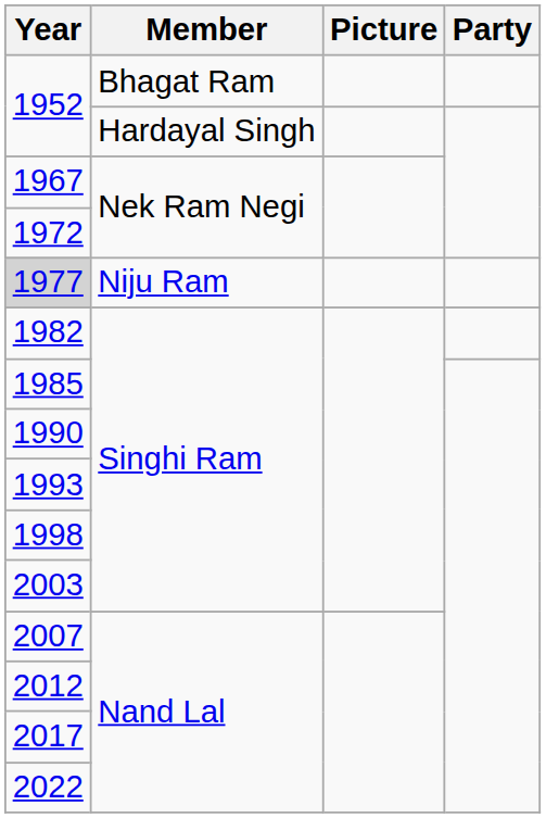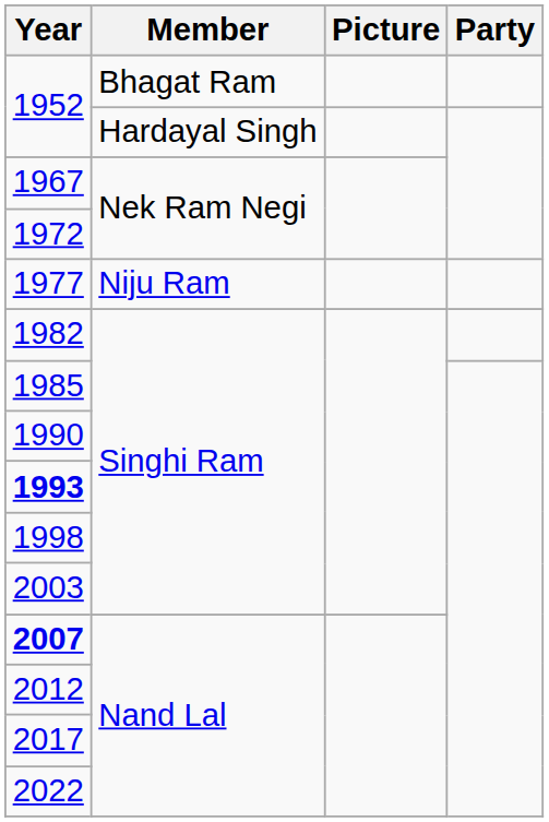 <table class="wikitable sortable">
 <tr>
 <th>Year</th>
 <th>Member</th>
 <th>Picture</th>
 <th colspan="2">Party</th>
 </tr>
 <tr>
 <td rowspan=2><a href='#'>1952</a></td>
 <td>Bhagat Ram</td>
 <td></td>
 <td></td>
 </tr>
 <tr>
 <td>Hardayal Singh</td>
 <td></td>
 </tr>
 <tr>
 <td><a href='#'>1967</a></td>
 <td rowspan=2>Nek Ram Negi</td>
 <td rowspan=2></td>
 </tr>
 <tr>
 <td><a href='#'>1972</a></td>
 </tr>
 <tr>
-<td style="background: lightgrey;"><a href='#'>1977</a></td>
+<td><a href='#'>1977</a></td>
 <td><a href='#'>Niju Ram</a></td>
 <td></td>
 <td></td>
 </tr>
 <tr>
 <td><a href='#'>1982</a></td>
 <td rowspan=6><a href='#'>Singhi Ram</a></td>
 <td rowspan=6></td>
 <td></td>
 </tr>
 <tr>
 <td><a href='#'>1985</a></td>
 </tr>
 <tr>
 <td><a href='#'>1990</a></td>
 </tr>
 <tr>
-<td><a href='#'>1993</a></td>
+<td><strong><a href='#'>1993</a></strong></td>
 </tr>
 <tr>
 <td><a href='#'>1998</a></td>
 </tr>
 <tr>
 <td><a href='#'>2003</a></td>
 </tr>
 <tr>
-<td><a href='#'>2007</a></td>
+<td><strong><a href='#'>2007</a></strong></td>
 <td rowspan=4><a href='#'>Nand Lal</a></td>
 <td rowspan=4></td>
 </tr>
 <tr>
 <td><a href='#'>2012</a></td>
 </tr>
 <tr>
 <td><a href='#'>2017</a></td>
 </tr>
 <tr>
 <td><a href='#'>2022</a></td>
 </tr>
 </table>
